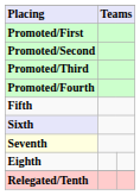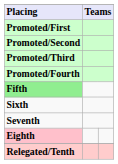 <table class=wikitable>
 <tr>
 </tr>
 <tr style="background: #E6E6FA;">
 <td><strong>Placing</strong></td>
 <td colspan="4" style="text-align:center"><strong>Teams</strong></td>
 </tr>
 <tr style="background: #ccffcc;">
 <td><strong>Promoted/First</strong></td>
 <td colspan=2><strong></strong></td>
 </tr>
 <tr style="background: #ccffcc;">
 <td><strong>Promoted/Second</strong></td>
 <td colspan=2><strong></strong></td>
 </tr>
 <tr style="background: #ccffcc;">
 <td><strong>Promoted/Third</strong></td>
 <td colspan=2><strong></strong></td>
 </tr>
 <tr style="background: #ccffcc;">
 <td><strong>Promoted/Fourth</strong></td>
 <td colspan=2></td>
 </tr>
 <tr>
-<td><strong>Fifth</strong></td>
+<td style="background: lightgreen;"><strong>Fifth</strong></td>
 <td colspan=2></td>
 </tr>
 <tr>
-<td style="background: lavender;"><strong>Sixth</strong></td>
+<td><strong>Sixth</strong></td>
 <td colspan=2></td>
 </tr>
 <tr>
-<td style="background: lightyellow;"><strong>Seventh</strong></td>
+<td><strong>Seventh</strong></td>
 <td colspan=2></td>
 </tr>
 <tr>
-<td><strong>Eighth</strong></td>
+<td style="background: pink;"><strong>Eighth</strong></td>
 <td></td>
 <td></td>
 </tr>
 <tr>
 </tr>
 <tr style="background: #ffcccc;">
 <td><strong>Relegated/Tenth</strong></td>
 <td><em></em></td>
 <td><em></em></td>
 </tr>
 </table>
